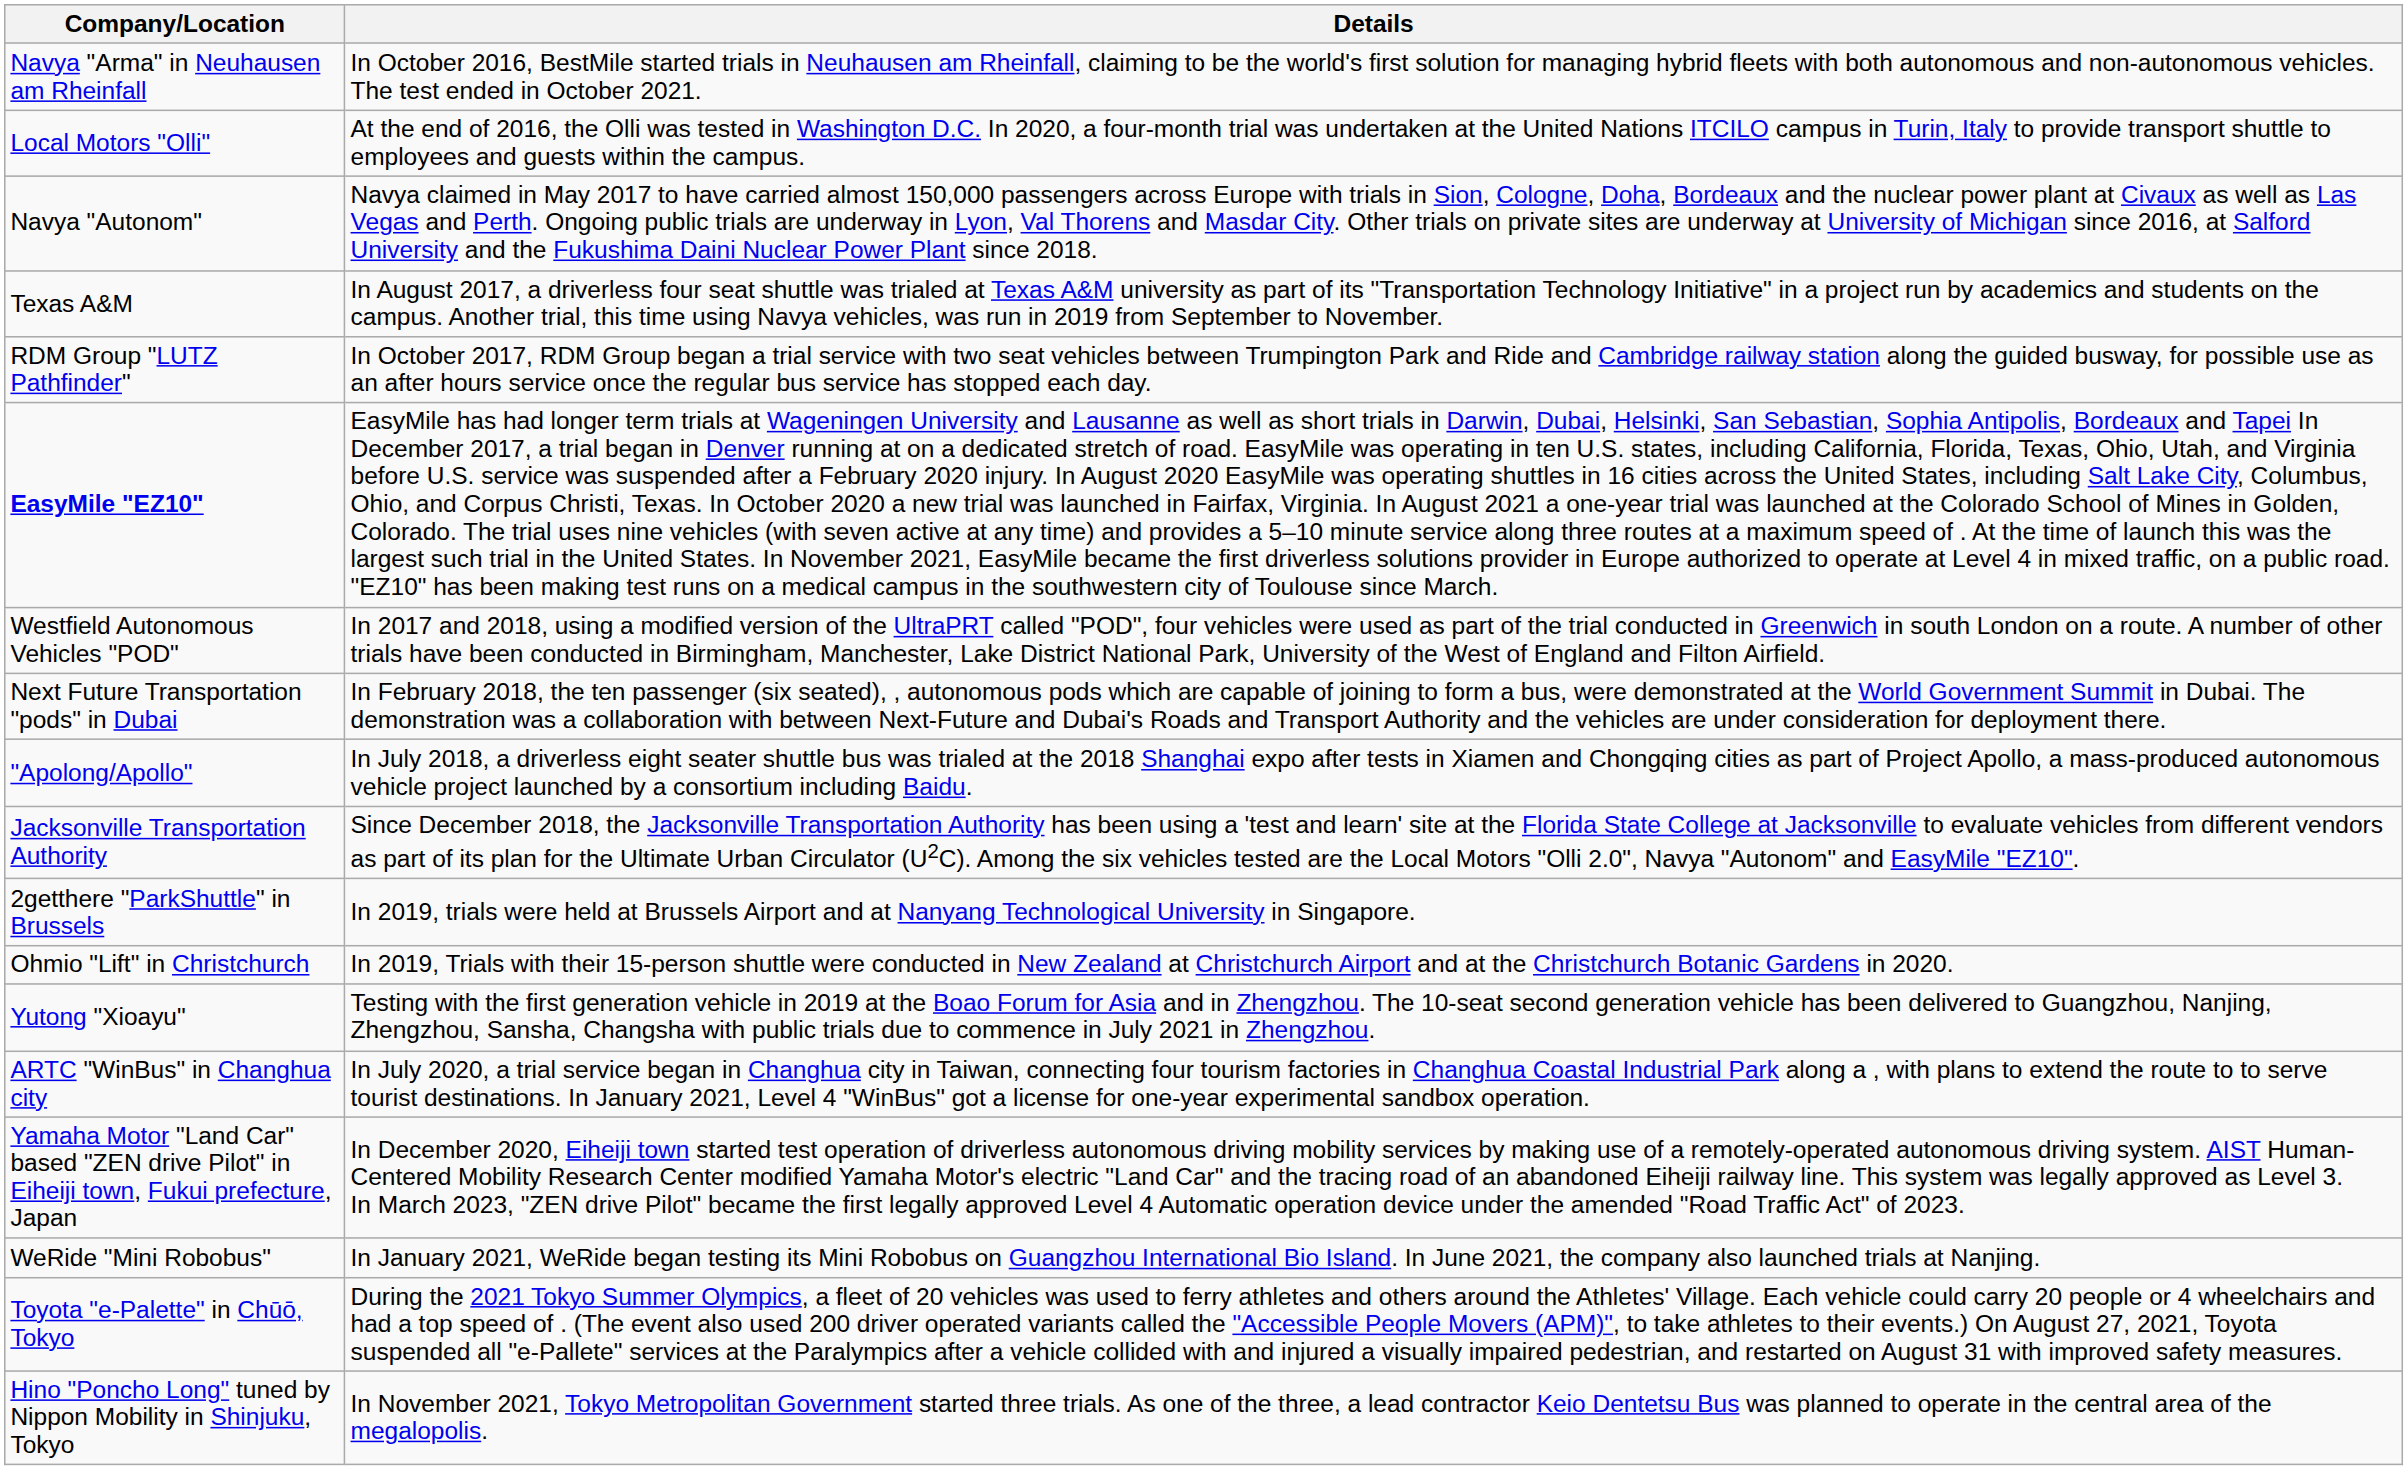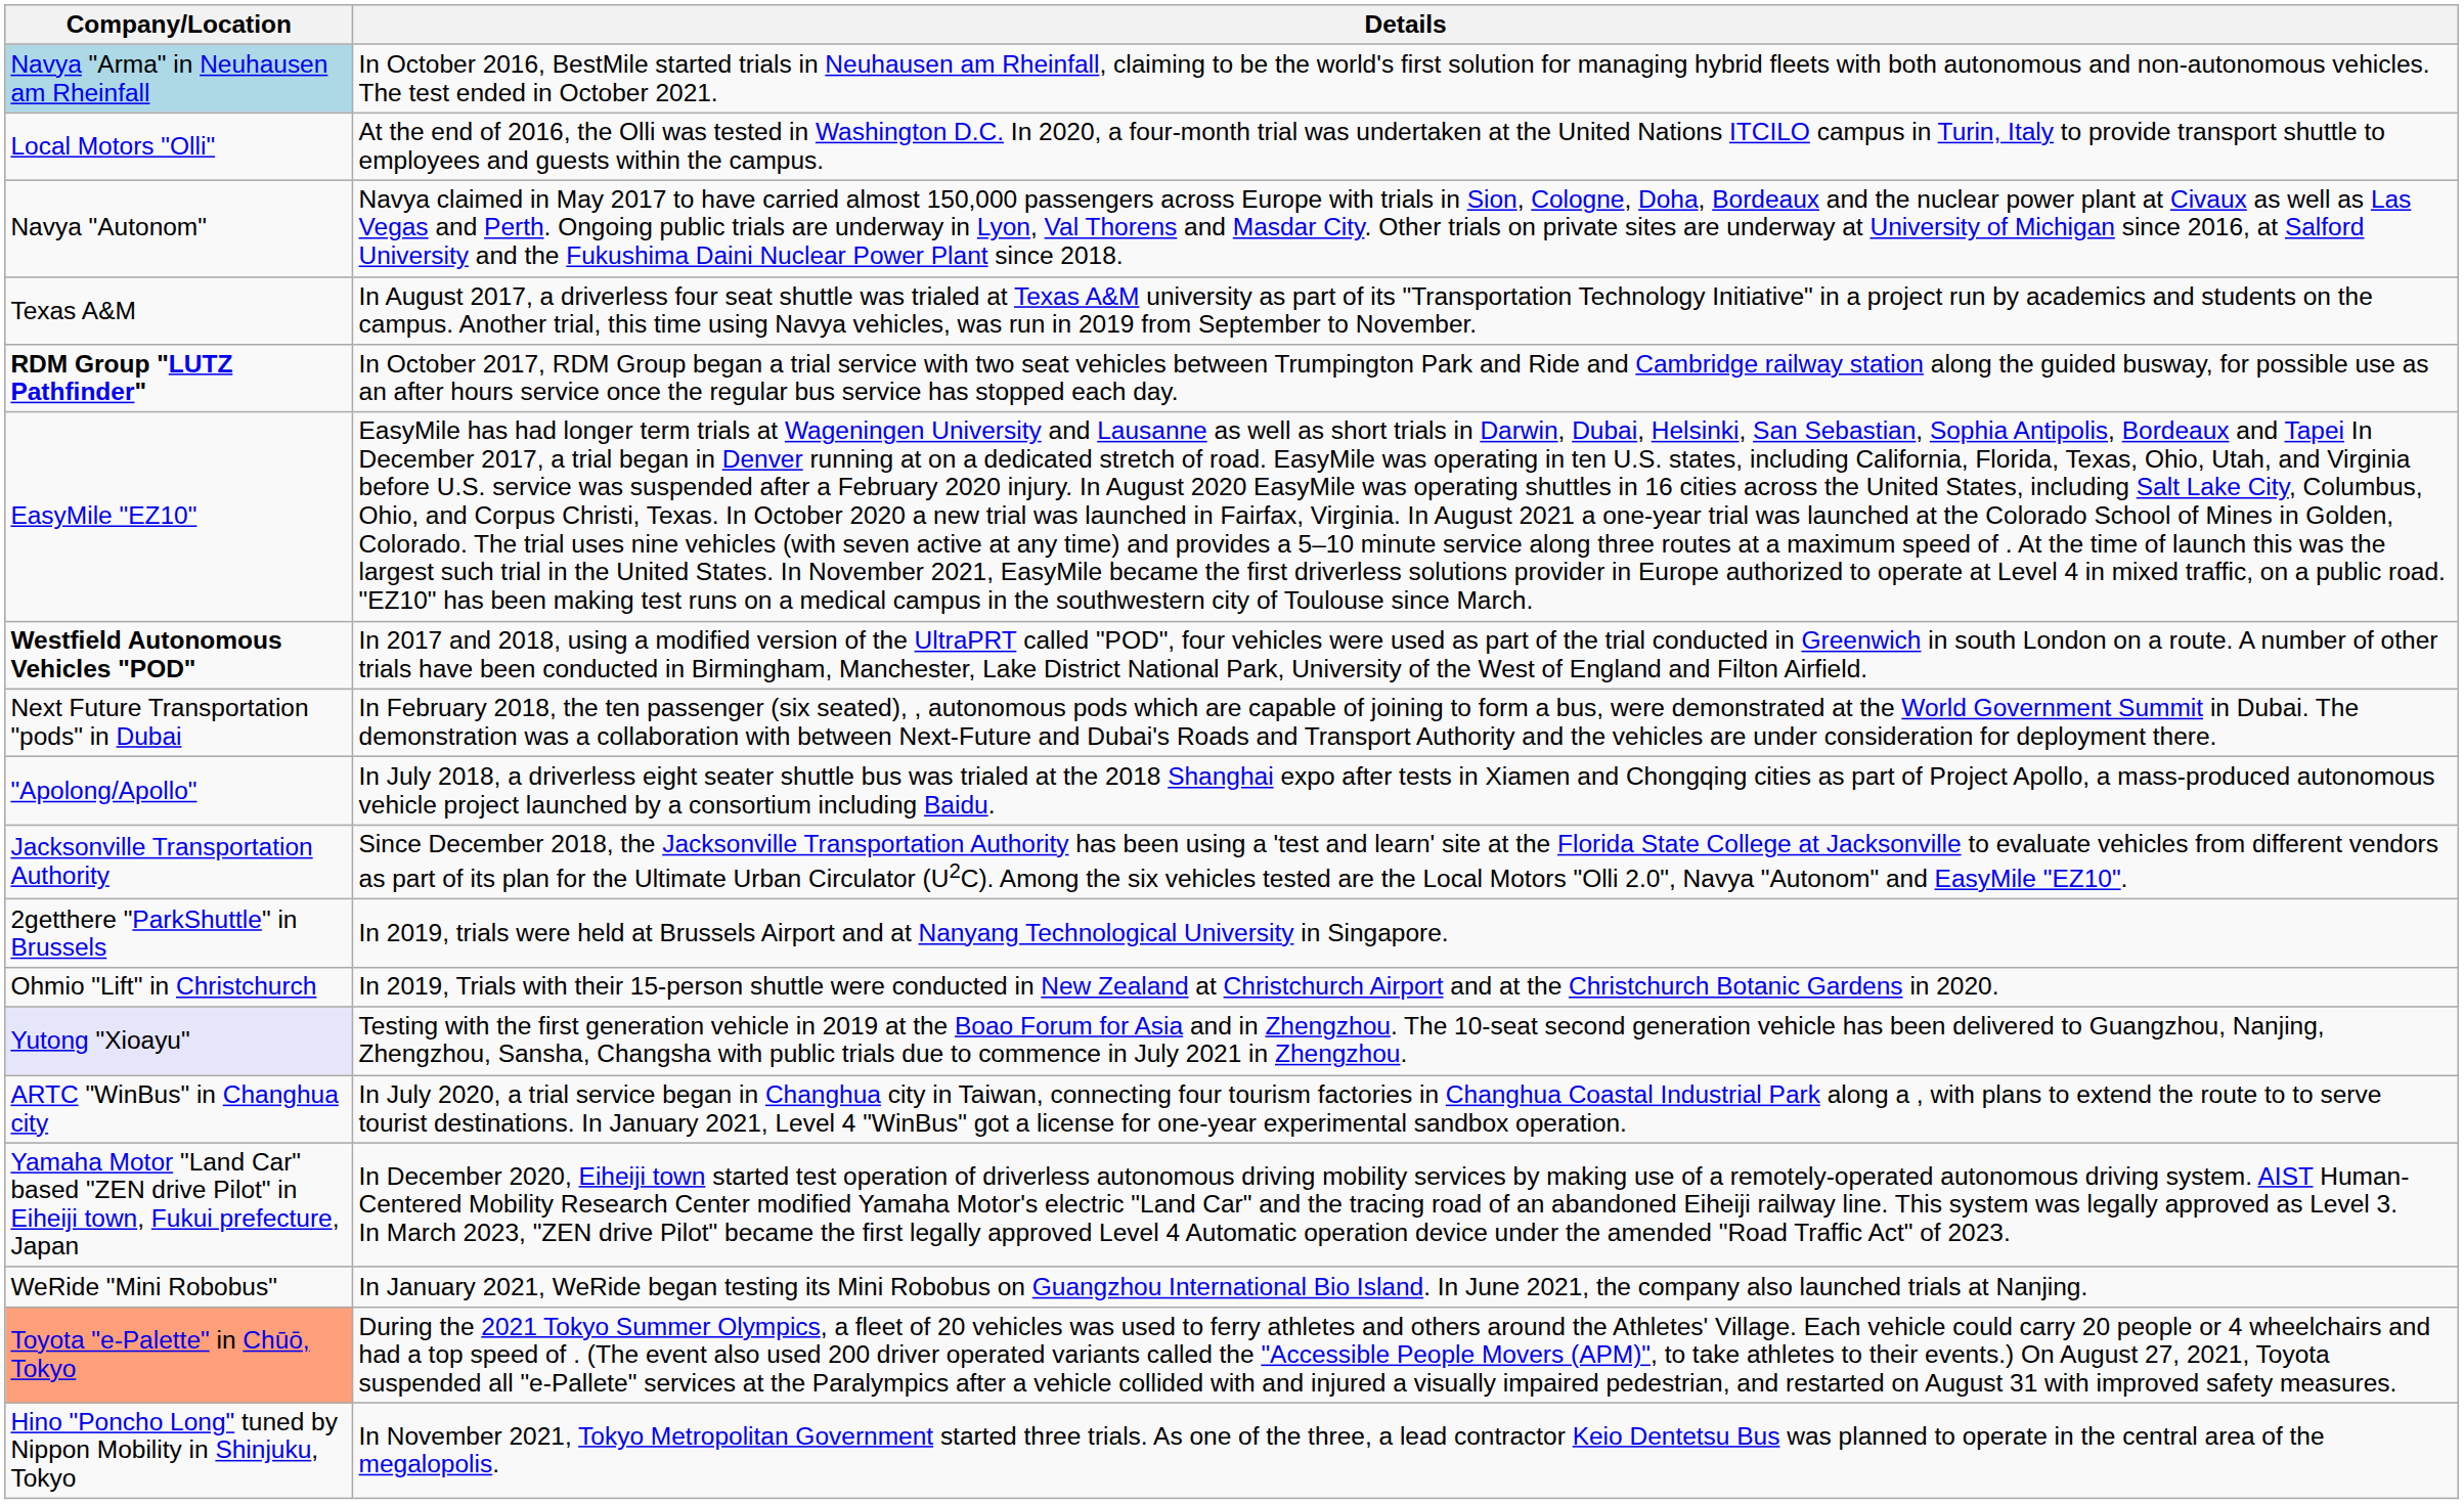 <table class="wikitable">
 <tr>
 <th>Company/Location</th>
 <th>Details</th>
 </tr>
 <tr>
-<td><a href='#'>Navya</a> "Arma" in <a href='#'>Neuhausen am Rheinfall</a></td>
+<td style="background: lightblue;"><a href='#'>Navya</a> "Arma" in <a href='#'>Neuhausen am Rheinfall</a></td>
 <td>In October 2016, BestMile started trials in <a href='#'>Neuhausen am Rheinfall</a>, claiming to be the world's first solution for managing hybrid fleets with both autonomous and non-autonomous vehicles. The test ended in October 2021.</td>
 </tr>
 <tr>
 <td><a href='#'>Local Motors "Olli"</a></td>
 <td>At the end of 2016, the Olli was tested in <a href='#'>Washington D.C.</a> In 2020, a four-month trial was undertaken at the United Nations <a href='#'>ITCILO</a> campus in <a href='#'>Turin, Italy</a> to provide transport shuttle to employees and guests within the campus.</td>
 </tr>
 <tr>
 <td>Navya "Autonom"</td>
 <td>Navya claimed in May 2017 to have carried almost 150,000 passengers across Europe with trials in <a href='#'>Sion</a>, <a href='#'>Cologne</a>, <a href='#'>Doha</a>, <a href='#'>Bordeaux</a> and the nuclear power plant at <a href='#'>Civaux</a> as well as <a href='#'>Las Vegas</a> and <a href='#'>Perth</a>. Ongoing public trials are underway in <a href='#'>Lyon</a>, <a href='#'>Val Thorens</a> and <a href='#'>Masdar City</a>. Other trials on private sites are underway at <a href='#'>University of Michigan</a> since 2016, at <a href='#'>Salford University</a> and the <a href='#'>Fukushima Daini Nuclear Power Plant</a> since 2018.</td>
 </tr>
 <tr>
 <td>Texas A&M</td>
 <td>In August 2017, a driverless four seat shuttle was trialed at <a href='#'>Texas A&M</a> university as part of its "Transportation Technology Initiative" in a project run by academics and students on the campus. Another trial, this time using Navya vehicles, was run in 2019 from September to November.</td>
 </tr>
 <tr>
-<td>RDM Group "<a href='#'>LUTZ Pathfinder</a>"</td>
+<td><strong>RDM Group "<a href='#'>LUTZ Pathfinder</a>"</strong></td>
 <td>In October 2017, RDM Group began a trial service with two seat vehicles between Trumpington Park and Ride and <a href='#'>Cambridge railway station</a> along the guided busway, for possible use as an after hours service once the regular bus service has stopped each day.</td>
 </tr>
 <tr>
-<td><strong><a href='#'>EasyMile "EZ10"</a></strong></td>
+<td><a href='#'>EasyMile "EZ10"</a></td>
 <td>EasyMile has had longer term trials at <a href='#'>Wageningen University</a> and <a href='#'>Lausanne</a> as well as short trials in <a href='#'>Darwin</a>, <a href='#'>Dubai</a>, <a href='#'>Helsinki</a>, <a href='#'>San Sebastian</a>, <a href='#'>Sophia Antipolis</a>, <a href='#'>Bordeaux</a> and <a href='#'>Tapei</a> In December 2017, a trial began in <a href='#'>Denver</a> running at  on a dedicated stretch of road. EasyMile was operating in ten U.S. states, including California, Florida, Texas, Ohio, Utah, and Virginia before U.S. service was suspended after a February 2020 injury. In August 2020 EasyMile was operating shuttles in 16 cities across the United States, including <a href='#'>Salt Lake City</a>, Columbus, Ohio, and Corpus Christi, Texas. In October 2020 a new trial was launched in Fairfax, Virginia. In August 2021 a one-year trial was launched at the Colorado School of Mines in Golden, Colorado. The trial uses nine vehicles (with seven active at any time) and provides a 5–10 minute service along three routes at a maximum speed of . At the time of launch this was the largest such trial in the United States. In November 2021, EasyMile became the first driverless solutions provider in Europe authorized to operate at Level 4 in mixed traffic, on a public road. "EZ10" has been making test runs on a medical campus in the southwestern city of Toulouse since March.</td>
 </tr>
 <tr>
-<td>Westfield Autonomous Vehicles "POD"</td>
+<td><strong>Westfield Autonomous Vehicles "POD"</strong></td>
 <td>In 2017 and 2018, using a modified version of the <a href='#'>UltraPRT</a> called "POD", four vehicles were used as part of the  trial conducted in <a href='#'>Greenwich</a> in south London on a  route. A number of other trials have been conducted in Birmingham, Manchester, Lake District National Park, University of the West of England and Filton Airfield.</td>
 </tr>
 <tr>
 <td>Next Future Transportation "pods" in <a href='#'>Dubai</a></td>
 <td>In February 2018, the ten passenger (six seated), , autonomous pods which are capable of joining to form a bus, were demonstrated at the <a href='#'>World Government Summit</a> in Dubai. The demonstration was a collaboration with between Next-Future and Dubai's Roads and Transport Authority and the vehicles are under consideration for deployment there.</td>
 </tr>
 <tr>
 <td><a href='#'>"Apolong/Apollo"</a></td>
 <td>In July 2018, a driverless eight seater shuttle bus was trialed at the 2018 <a href='#'>Shanghai</a> expo after tests in Xiamen and Chongqing cities as part of Project Apollo, a mass-produced autonomous vehicle project launched by a consortium including <a href='#'>Baidu</a>.</td>
 </tr>
 <tr>
 <td><a href='#'>Jacksonville Transportation Authority</a></td>
 <td>Since December 2018, the <a href='#'>Jacksonville Transportation Authority</a> has been using a 'test and learn' site at the <a href='#'>Florida State College at Jacksonville</a> to evaluate vehicles from different vendors as part of its plan for the Ultimate Urban Circulator (U<sup>2</sup>C). Among the six vehicles tested are the Local Motors "Olli 2.0", Navya "Autonom" and <a href='#'>EasyMile "EZ10"</a>.</td>
 </tr>
 <tr>
 <td>2getthere "<a href='#'>ParkShuttle</a>" in <a href='#'>Brussels</a></td>
 <td>In 2019, trials were held at Brussels Airport and at <a href='#'>Nanyang Technological University</a> in Singapore.</td>
 </tr>
 <tr>
 <td>Ohmio "Lift" in <a href='#'>Christchurch</a></td>
 <td>In 2019, Trials with their 15-person shuttle were conducted in <a href='#'>New Zealand</a> at <a href='#'>Christchurch Airport</a> and at the <a href='#'>Christchurch Botanic Gardens</a> in 2020.</td>
 </tr>
 <tr>
-<td><a href='#'>Yutong</a> "Xioayu"</td>
+<td style="background: lavender;"><a href='#'>Yutong</a> "Xioayu"</td>
 <td>Testing with the first generation vehicle in 2019 at the <a href='#'>Boao Forum for Asia</a> and in <a href='#'>Zhengzhou</a>. The 10-seat second generation vehicle has been delivered to Guangzhou, Nanjing, Zhengzhou, Sansha, Changsha with public trials due to commence in July 2021 in <a href='#'>Zhengzhou</a>.</td>
 </tr>
 <tr>
 <td><a href='#'>ARTC</a> "WinBus" in <a href='#'>Changhua city</a></td>
 <td>In July 2020, a trial service began in <a href='#'>Changhua</a> city in Taiwan, connecting four tourism factories in <a href='#'>Changhua Coastal Industrial Park</a> along a , with plans to extend the route to  to serve tourist destinations. In January 2021, Level 4 "WinBus" got a license for one-year experimental sandbox operation.</td>
 </tr>
 <tr>
 <td><a href='#'>Yamaha Motor</a> "Land Car" based "ZEN drive Pilot" in <a href='#'>Eiheiji town</a>, <a href='#'>Fukui prefecture</a>, Japan</td>
 <td>In December 2020, <a href='#'>Eiheiji town</a> started test operation of driverless autonomous driving mobility services by making use of a remotely-operated autonomous driving system. <a href='#'>AIST</a> Human-Centered Mobility Research Center modified Yamaha Motor's electric "Land Car" and the tracing road of an abandoned Eiheiji railway line. This system was legally approved as Level 3.<br>In March 2023, "ZEN drive Pilot" became the first legally approved Level 4 Automatic operation device under the amended "Road Traffic Act" of 2023.</td>
 </tr>
 <tr>
 <td>WeRide "Mini Robobus"</td>
 <td>In January 2021, WeRide began testing its Mini Robobus on <a href='#'>Guangzhou International Bio Island</a>. In June 2021, the company also launched trials at Nanjing.</td>
 </tr>
 <tr>
-<td><a href='#'>Toyota "e-Palette"</a> in <a href='#'>Chūō, Tokyo</a></td>
+<td style="background: lightsalmon;"><a href='#'>Toyota "e-Palette"</a> in <a href='#'>Chūō, Tokyo</a></td>
 <td>During the <a href='#'>2021 Tokyo Summer Olympics</a>, a fleet of 20 vehicles was used to ferry athletes and others around the Athletes' Village. Each vehicle could carry 20 people or 4 wheelchairs and had a top speed of . (The event also used 200 driver operated variants called the <a href='#'>"Accessible People Movers (APM)"</a>, to take athletes to their events.) On August 27, 2021, Toyota suspended all "e-Pallete" services at the Paralympics after a vehicle collided with and injured a visually impaired pedestrian, and restarted on August 31 with improved safety measures.</td>
 </tr>
 <tr>
 <td><a href='#'>Hino "Poncho Long"</a> tuned by Nippon Mobility in <a href='#'>Shinjuku</a>, Tokyo</td>
 <td>In November 2021, <a href='#'>Tokyo Metropolitan Government</a> started three trials. As one of the three, a lead contractor <a href='#'>Keio Dentetsu Bus</a> was planned to operate in the central area of the <a href='#'>megalopolis</a>.</td>
 </tr>
 </table>
